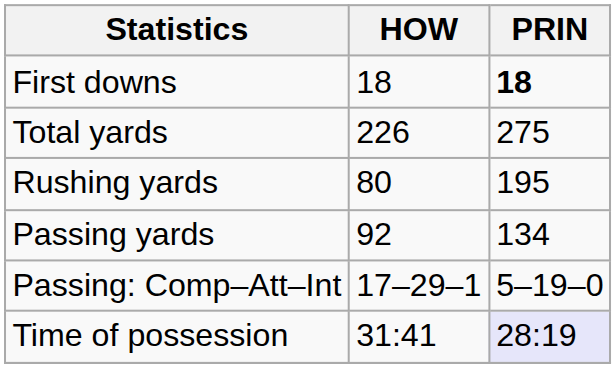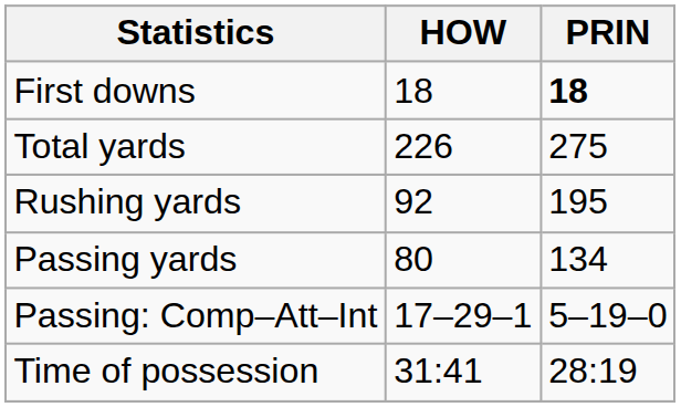 <table class="wikitable" style="float: left;">
 <tr>
 <th>Statistics</th>
 <th>HOW</th>
 <th>PRIN</th>
 </tr>
 <tr>
 <td>First downs</td>
 <td>18</td>
 <td><strong>18</strong></td>
 </tr>
 <tr>
 <td>Total yards</td>
 <td>226</td>
 <td>275</td>
 </tr>
 <tr>
 <td>Rushing yards</td>
-<td>80</td>
+<td>92</td>
 <td>195</td>
 </tr>
 <tr>
 <td>Passing yards</td>
-<td>92</td>
+<td>80</td>
 <td>134</td>
 </tr>
 <tr>
 <td>Passing: Comp–Att–Int</td>
 <td>17–29–1</td>
 <td>5–19–0</td>
 </tr>
 <tr>
 <td>Time of possession</td>
 <td>31:41</td>
-<td style="background: lavender;">28:19</td>
+<td>28:19</td>
 </tr>
 <tr>
 </tr>
 </table>
